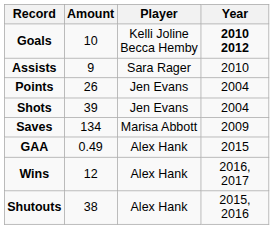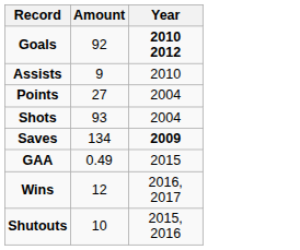 <table class="wikitable">
 <tr>
 <th style="width:40px; ">Record</th>
 <th style="width:50px; ">Amount</th>
-<th style="width:100px; ">Player</th>
 <th style="width:80px; ">Year</th>
 </tr>
 <tr style="text-align:center;">
 <td><strong>Goals</strong></td>
-<td>10</td>
-<td>Kelli Joline<br>Becca Hemby</td>
+<td>92</td>
 <td><strong>2010<br>2012</strong></td>
 </tr>
 <tr style="text-align:center;">
 <td><strong>Assists</strong></td>
 <td>9</td>
-<td>Sara Rager</td>
 <td>2010</td>
 </tr>
 <tr style="text-align:center;">
 <td><strong>Points</strong></td>
-<td>26</td>
-<td>Jen Evans</td>
+<td>27</td>
 <td>2004</td>
 </tr>
 <tr style="text-align:center;">
 <td><strong>Shots</strong></td>
-<td>39</td>
-<td>Jen Evans</td>
+<td>93</td>
 <td>2004</td>
 </tr>
 <tr style="text-align:center;">
 <td><strong>Saves</strong></td>
 <td>134</td>
-<td>Marisa Abbott</td>
-<td>2009</td>
+<td><strong>2009</strong></td>
 </tr>
 <tr style="text-align:center;">
 <td><strong>GAA</strong></td>
 <td>0.49</td>
-<td>Alex Hank</td>
 <td>2015</td>
 </tr>
 <tr style="text-align:center;">
 <td><strong>Wins</strong></td>
 <td>12</td>
-<td>Alex Hank</td>
 <td>2016, 2017</td>
 </tr>
 <tr style="text-align:center;">
 <td><strong>Shutouts</strong></td>
-<td>38</td>
-<td>Alex Hank</td>
+<td>10</td>
 <td>2015, 2016</td>
 </tr>
 </table>
